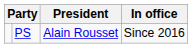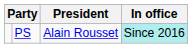 <table class="wikitable">
 <tr>
 <th colspan="2">Party</th>
 <th>President</th>
 <th>In office</th>
 </tr>
 <tr>
 <td></td>
 <td><a href='#'>PS</a></td>
 <td><a href='#'>Alain Rousset</a></td>
-<td>Since 2016</td>
+<td style="background: paleturquoise;">Since 2016</td>
 </tr>
 </table>
